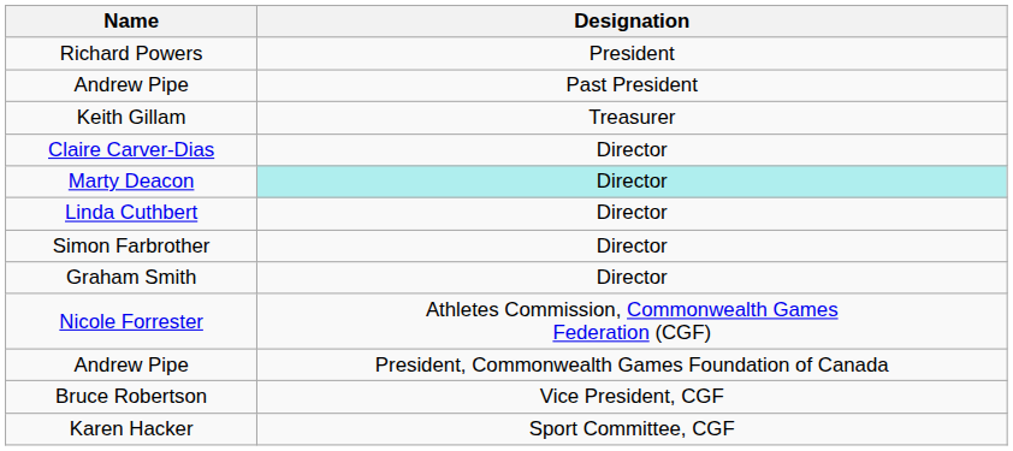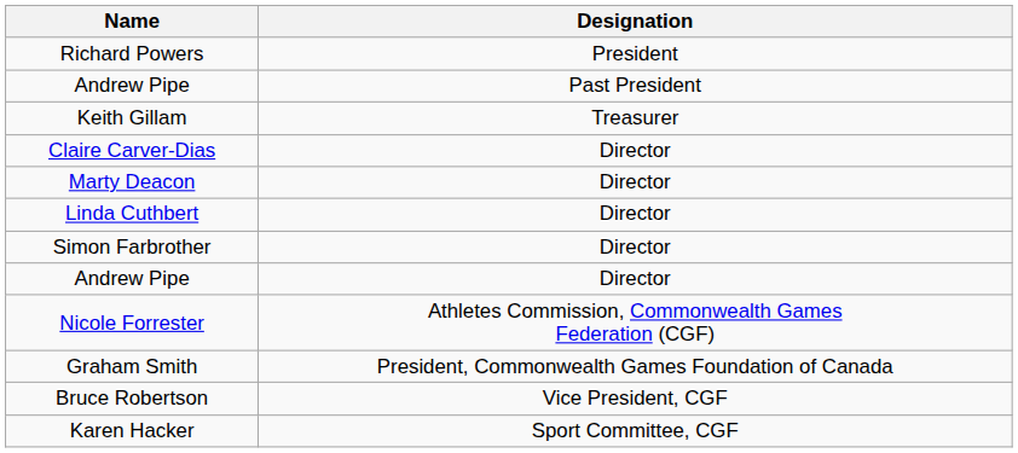 <table class="wikitable " border="5" width=40%>
 <tr>
 <th>Name</th>
 <th>Designation</th>
 </tr>
 <tr>
 <td align=center>Richard Powers</td>
 <td align=center>President</td>
 </tr>
 <tr>
 <td align=center>Andrew Pipe</td>
 <td align=center>Past President</td>
 </tr>
 <tr>
 <td align=center>Keith Gillam</td>
 <td align=center>Treasurer</td>
 </tr>
 <tr>
 <td align=center><a href='#'>Claire Carver-Dias</a></td>
 <td align=center>Director</td>
 </tr>
 <tr>
 <td align=center><a href='#'>Marty Deacon</a></td>
-<td align=center style="background: paleturquoise;">Director</td>
+<td align=center>Director</td>
 </tr>
 <tr>
 <td align=center><a href='#'>Linda Cuthbert</a></td>
 <td align=center>Director</td>
 </tr>
 <tr>
 <td align=center>Simon Farbrother</td>
 <td align=center>Director</td>
 </tr>
 <tr>
-<td align=center>Graham Smith</td>
+<td align=center>Andrew Pipe</td>
 <td align=center>Director</td>
 </tr>
 <tr>
 <td align=center><a href='#'>Nicole Forrester</a></td>
 <td align=center>Athletes Commission, <a href='#'>Commonwealth Games</a><br><a href='#'>Federation</a> (CGF)</td>
 </tr>
 <tr>
-<td align=center>Andrew Pipe</td>
+<td align=center>Graham Smith</td>
 <td align=center>President, Commonwealth Games Foundation of Canada</td>
 </tr>
 <tr>
 <td align=center>Bruce Robertson</td>
 <td align=center>Vice President, CGF</td>
 </tr>
 <tr>
 <td align=center>Karen Hacker</td>
 <td align=center>Sport Committee, CGF</td>
 </tr>
 </table>
